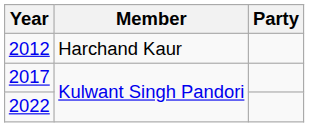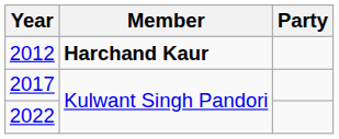 <table class="wikitable sortable">
 <tr>
 <th>Year</th>
 <th>Member</th>
 <th colspan="2">Party</th>
 </tr>
 <tr>
 <td><a href='#'>2012</a></td>
-<td>Harchand Kaur</td>
+<td><strong>Harchand Kaur</strong></td>
 <td></td>
 </tr>
 <tr>
 <td><a href='#'>2017</a></td>
 <td rowspan="2"><a href='#'>Kulwant Singh Pandori</a></td>
 <td></td>
 </tr>
 <tr>
 <td><a href='#'>2022</a></td>
 </tr>
 </table>
